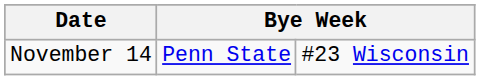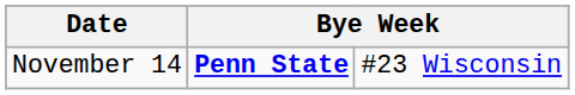 <table class="wikitable" style="font-size:95%;">
 <tr>
 <th>Date</th>
 <th colspan="2">Bye Week</th>
 </tr>
 <tr>
 <td>November 14</td>
-<td><a href='#'>Penn State</a></td>
+<td><strong><a href='#'>Penn State</a></strong></td>
 <td>#23 <a href='#'>Wisconsin</a></td>
 </tr>
 </table>
